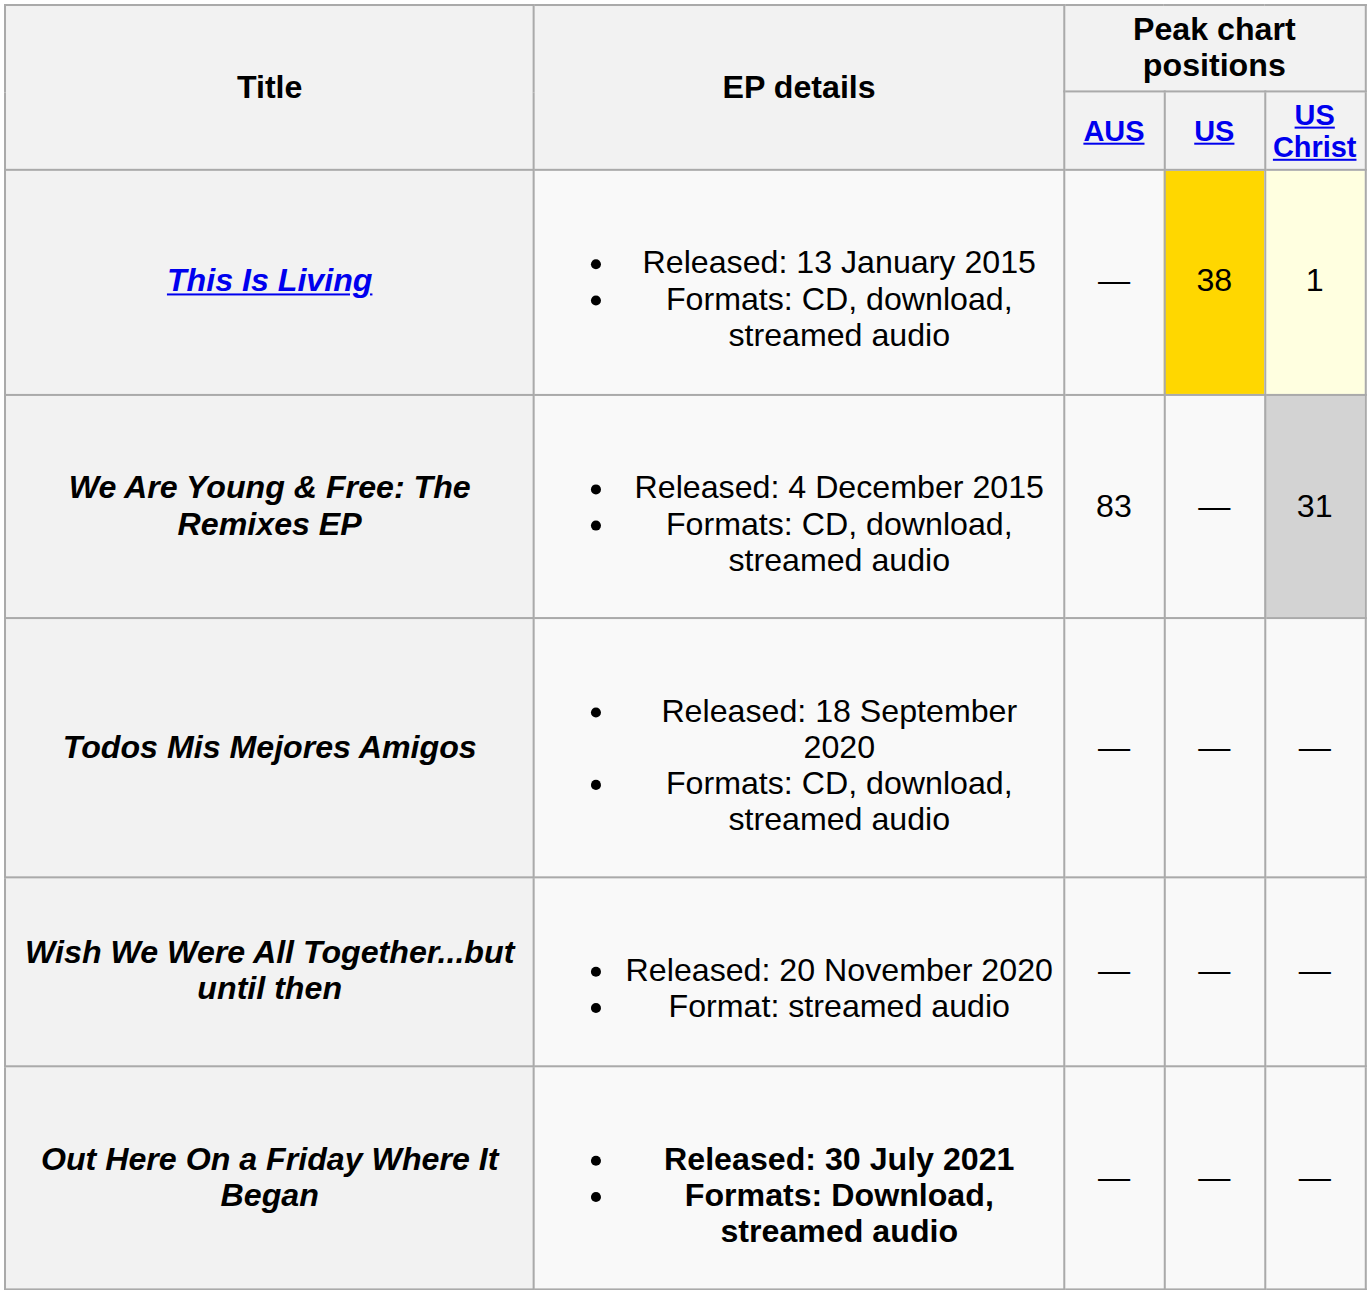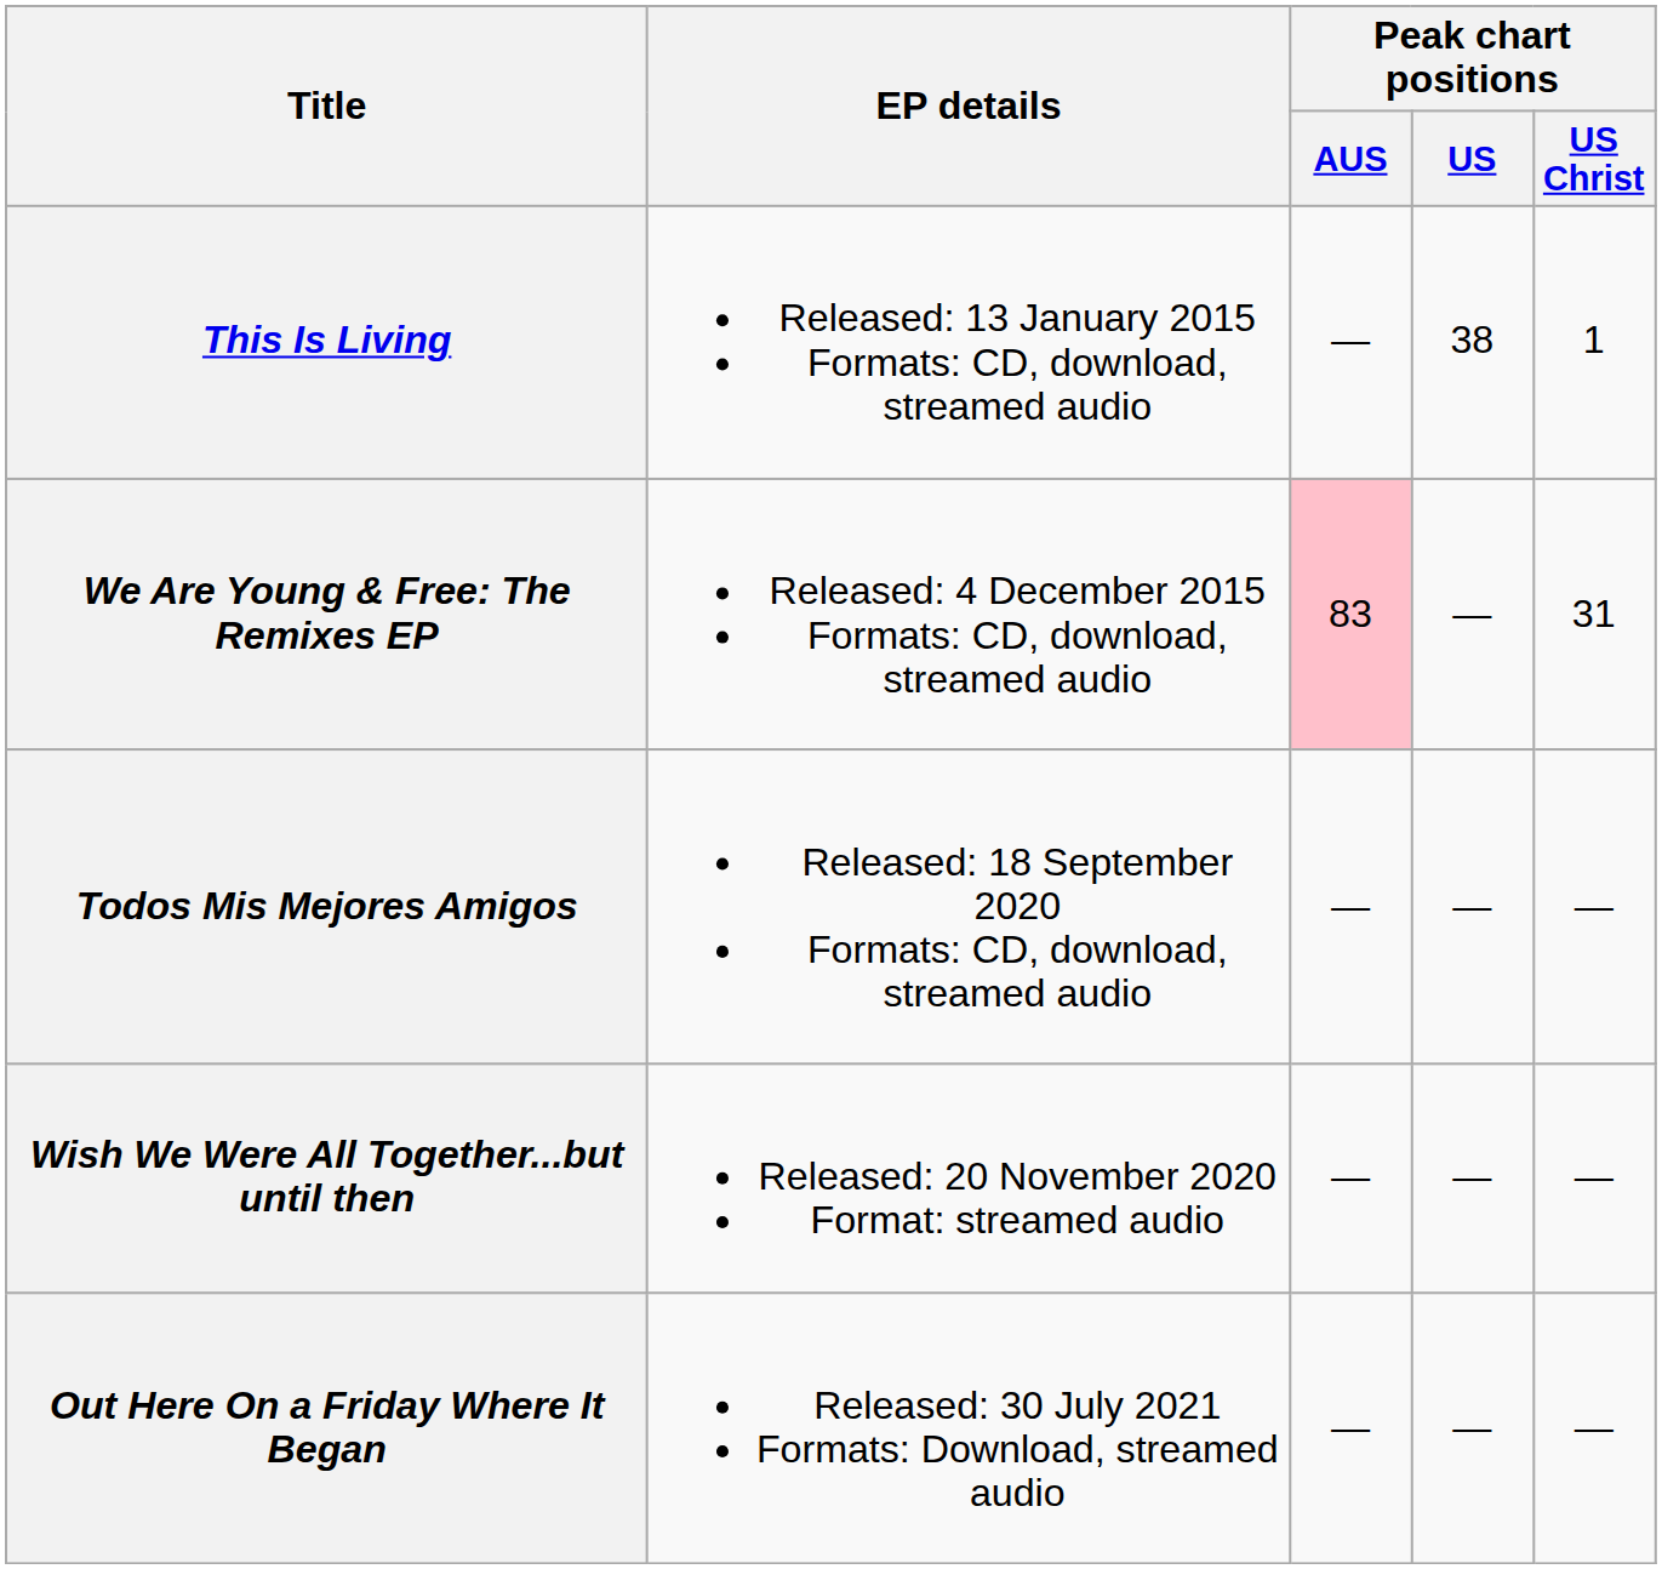 <table class="wikitable plainrowheaders" style="text-align:center;">
 <tr>
 <th scope="col" rowspan="2" style="width:16em;">Title</th>
 <th scope="col" rowspan="2" style="width:16em;">EP details</th>
 <th scope="col" colspan="3">Peak chart positions</th>
 </tr>
 <tr>
 <th style="width:3em; font-size:90%"><a href='#'>AUS</a><br></th>
 <th style="width:3em; font-size:90%"><a href='#'>US</a><br></th>
 <th style="width:3em; font-size:90%"><a href='#'>US<br>Christ</a><br></th>
 </tr>
 <tr>
 <th scope="row"><em><a href='#'>This Is Living</a></em></th>
 <td><br><ul><li>Released: 13 January 2015</li><li>Formats: CD, download, streamed audio</li></ul></td>
 <td>—</td>
-<td style="background: gold;">38</td>
-<td style="background: lightyellow;">1</td>
+<td>38</td>
+<td>1</td>
 </tr>
 <tr>
 <th scope="row"><em>We Are Young & Free: The Remixes EP</em></th>
 <td><br><ul><li>Released: 4 December 2015</li><li>Formats: CD, download, streamed audio</li></ul></td>
-<td>83</td>
+<td style="background: pink;">83</td>
 <td>—</td>
-<td style="background: lightgrey;">31</td>
+<td>31</td>
 </tr>
 <tr>
 <th scope="row"><em>Todos Mis Mejores Amigos</em></th>
 <td><br><ul><li>Released: 18 September 2020</li><li>Formats: CD, download, streamed audio</li></ul></td>
 <td>—</td>
 <td>—</td>
 <td>—</td>
 </tr>
 <tr>
 <th scope="row"><em>Wish We Were All Together...but until then</em></th>
 <td><br><ul><li>Released: 20 November 2020</li><li>Format: streamed audio</li></ul></td>
 <td>—</td>
 <td>—</td>
 <td>—</td>
 </tr>
 <tr>
 <th scope="row"><em>Out Here On a Friday Where It Began</em></th>
-<td><strong><br><ul><li>Released: 30 July 2021</li><li>Formats: Download, streamed audio</li></ul></strong></td>
+<td><br><ul><li>Released: 30 July 2021</li><li>Formats: Download, streamed audio</li></ul></td>
 <td>—</td>
 <td>—</td>
 <td>—</td>
 </tr>
 </table>
